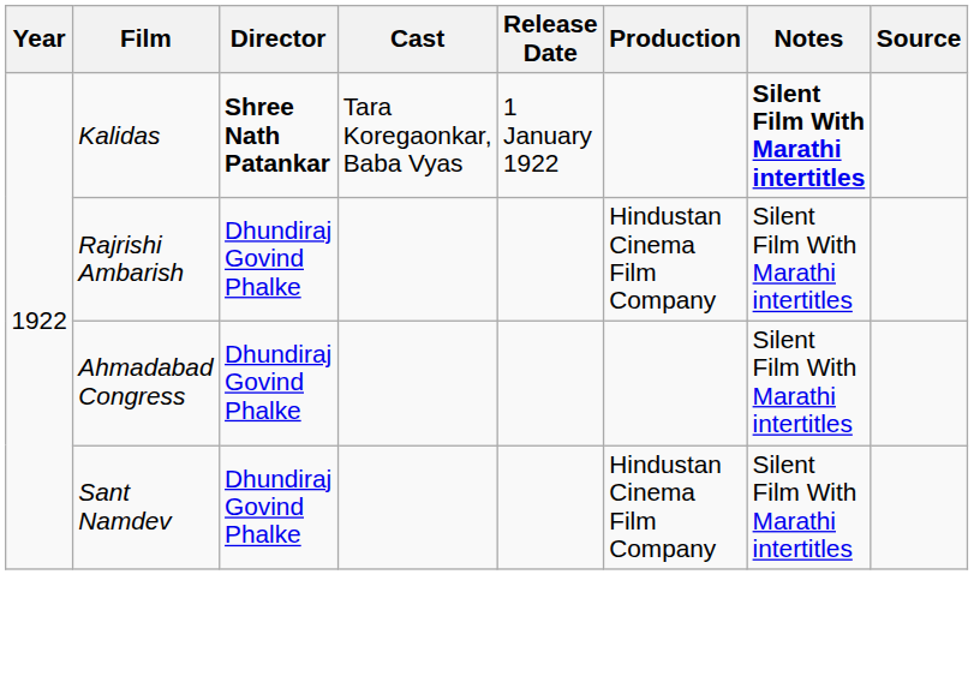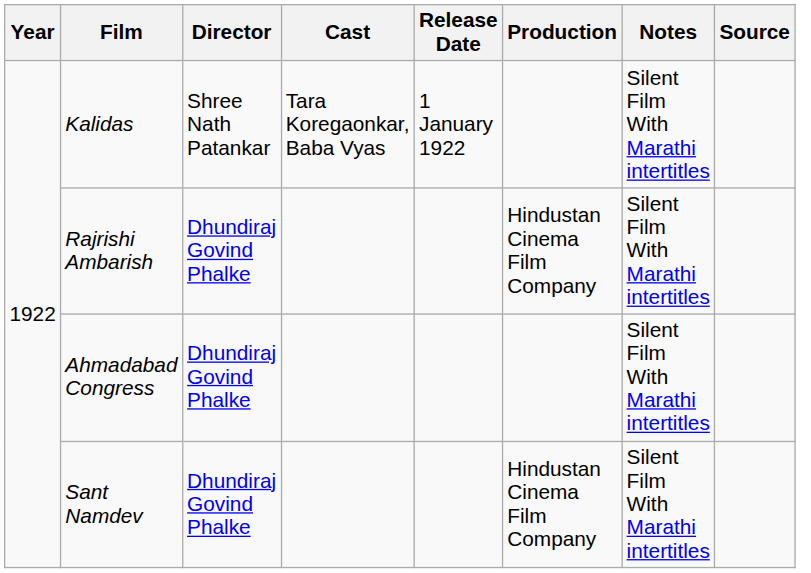 <table class ="wikitable sortable collapsible">
 <tr>
 <th>Year</th>
 <th>Film</th>
 <th>Director</th>
 <th class="unsortable">Cast</th>
 <th>Release Date</th>
 <th class="unsortable">Production</th>
 <th class="unsortable">Notes</th>
 <th class="unsortable">Source</th>
 </tr>
 <tr>
 <td rowspan=4 align="center">1922</td>
 <td><em>Kalidas</em></td>
-<td><strong>Shree Nath Patankar</strong></td>
+<td>Shree Nath Patankar</td>
 <td>Tara Koregaonkar, Baba Vyas</td>
 <td>1 January 1922</td>
 <td></td>
-<td><strong>Silent Film With <a href='#'>Marathi</a> <a href='#'>intertitles</a></strong></td>
+<td>Silent Film With <a href='#'>Marathi</a> <a href='#'>intertitles</a></td>
 <td></td>
 </tr>
 <tr>
 <td><em>Rajrishi Ambarish</em></td>
 <td><a href='#'>Dhundiraj Govind Phalke</a></td>
 <td></td>
 <td></td>
 <td>Hindustan Cinema Film Company</td>
 <td>Silent Film With <a href='#'>Marathi</a> <a href='#'>intertitles</a></td>
 <td></td>
 </tr>
 <tr>
 <td><em>Ahmadabad Congress</em></td>
 <td><a href='#'>Dhundiraj Govind Phalke</a></td>
 <td></td>
 <td></td>
 <td></td>
 <td>Silent Film With <a href='#'>Marathi</a> <a href='#'>intertitles</a></td>
 <td></td>
 </tr>
 <tr>
 <td><em>Sant Namdev</em></td>
 <td><a href='#'>Dhundiraj Govind Phalke</a></td>
 <td></td>
 <td></td>
 <td>Hindustan Cinema Film Company</td>
 <td>Silent Film With <a href='#'>Marathi</a> <a href='#'>intertitles</a></td>
 <td></td>
 </tr>
 </table>
